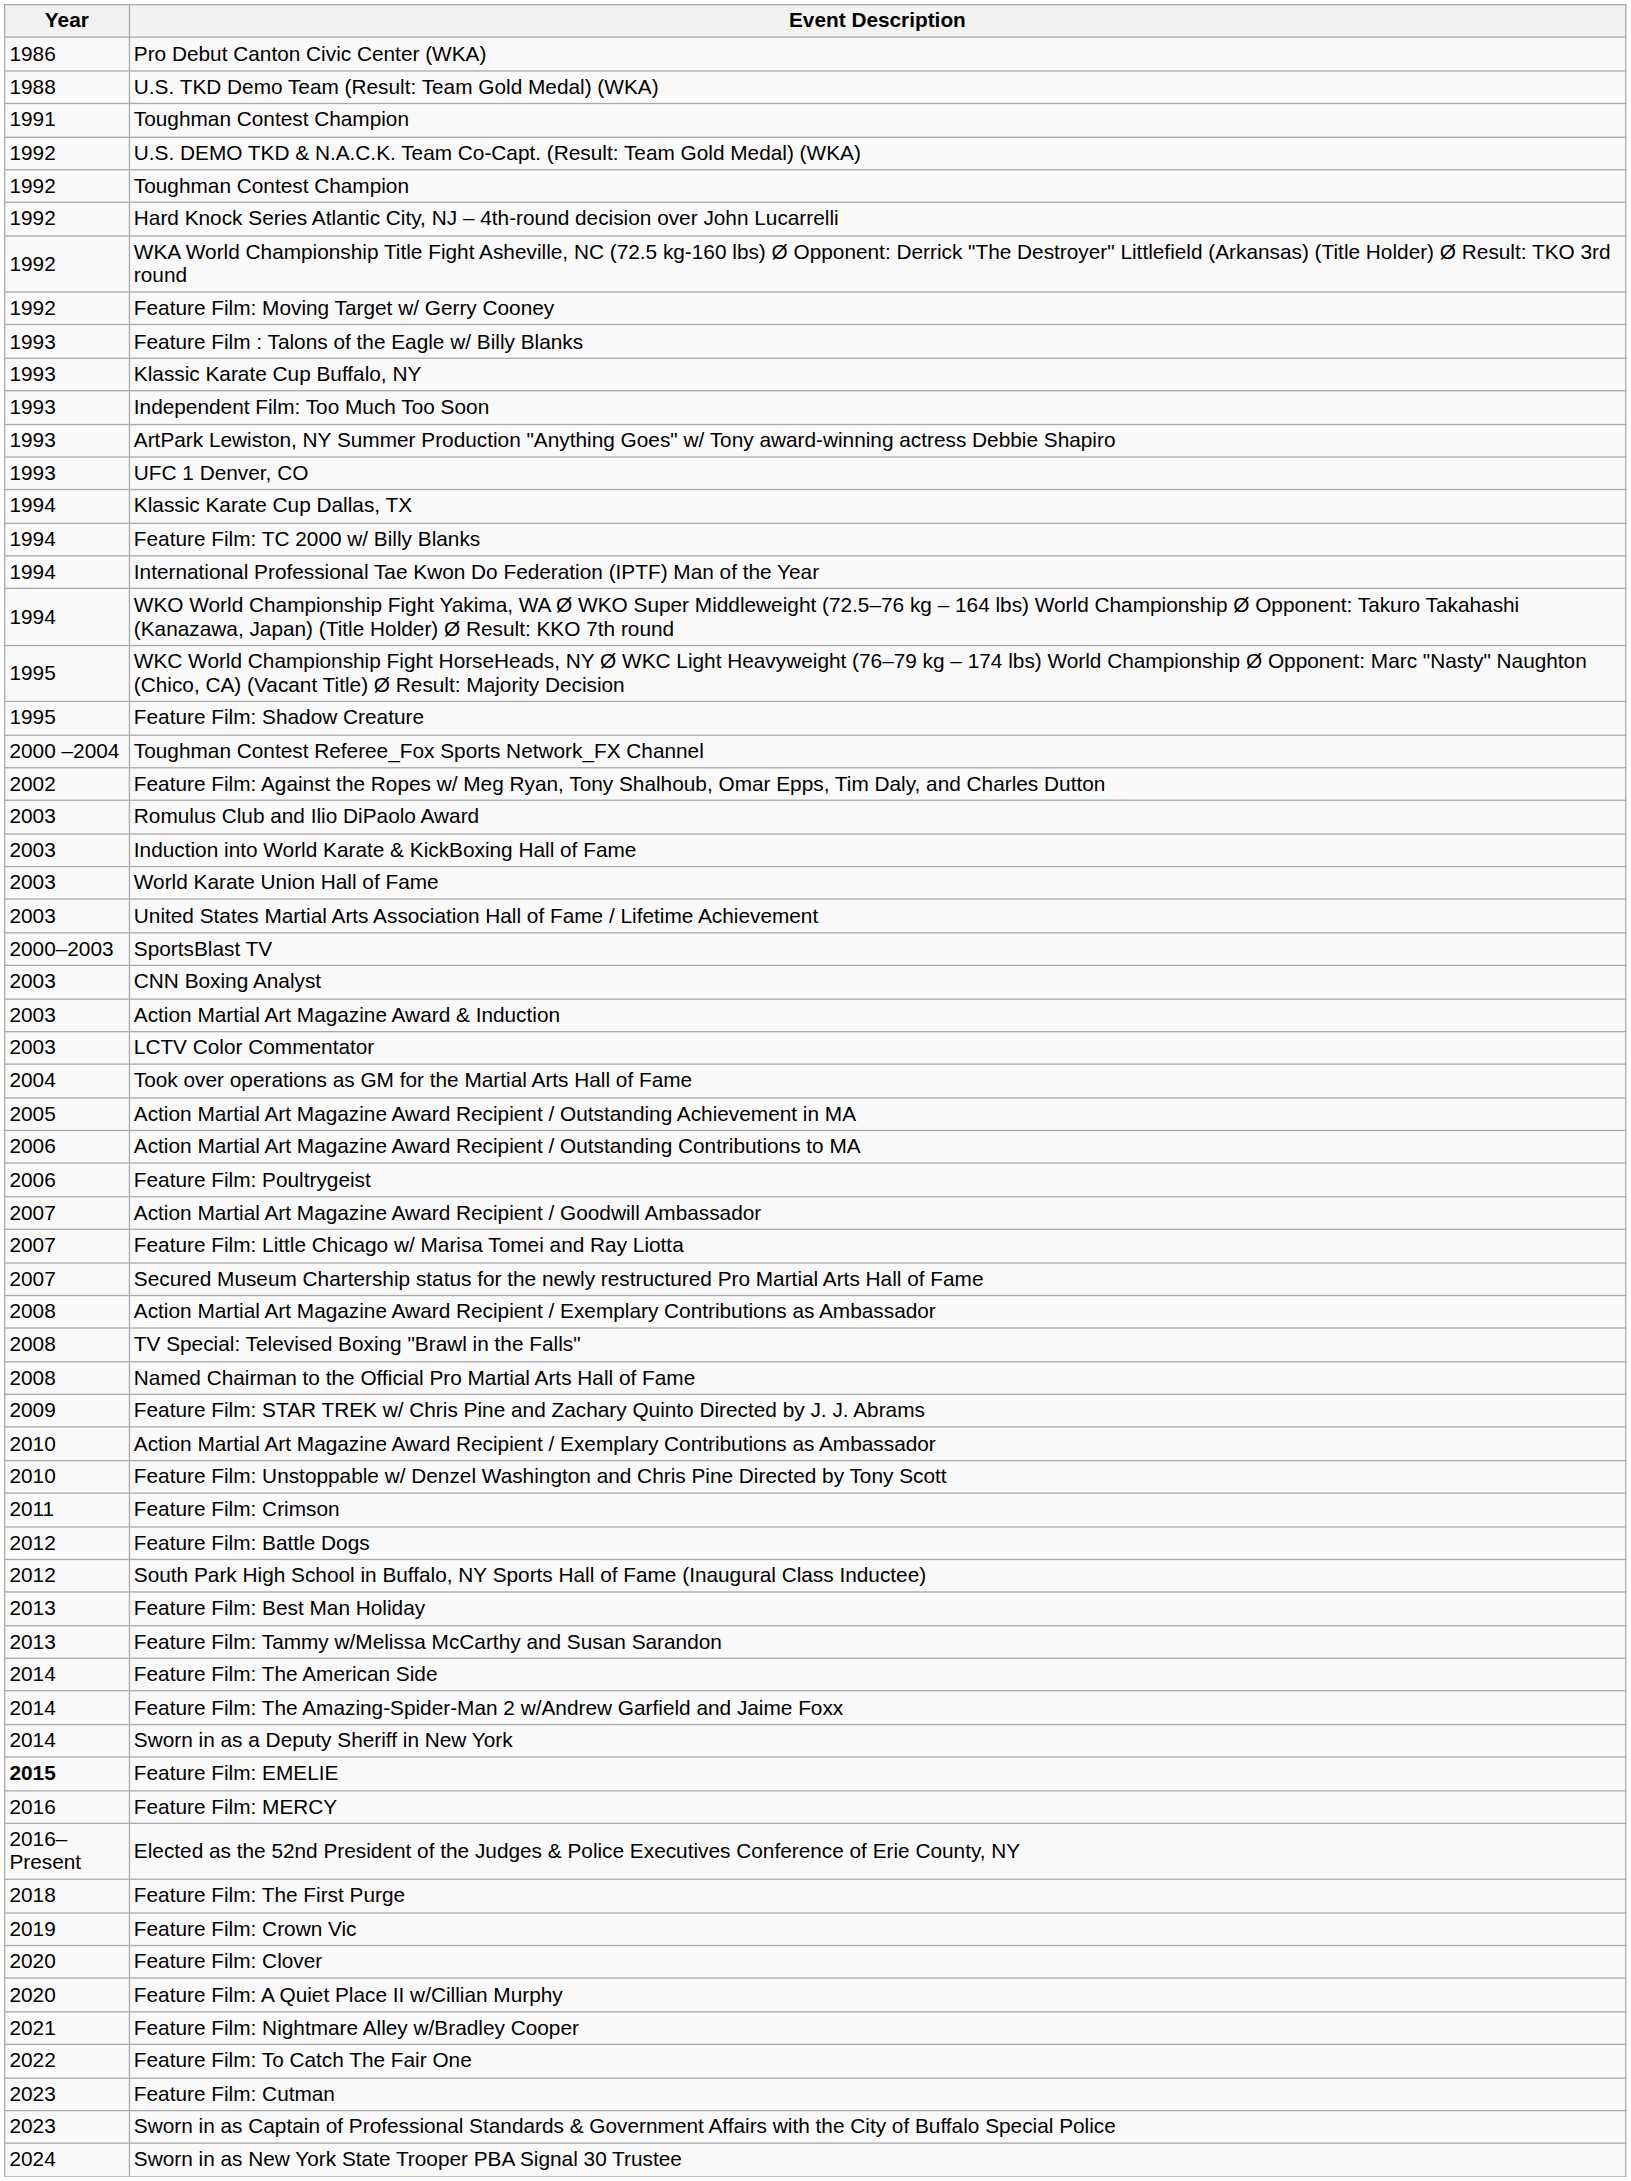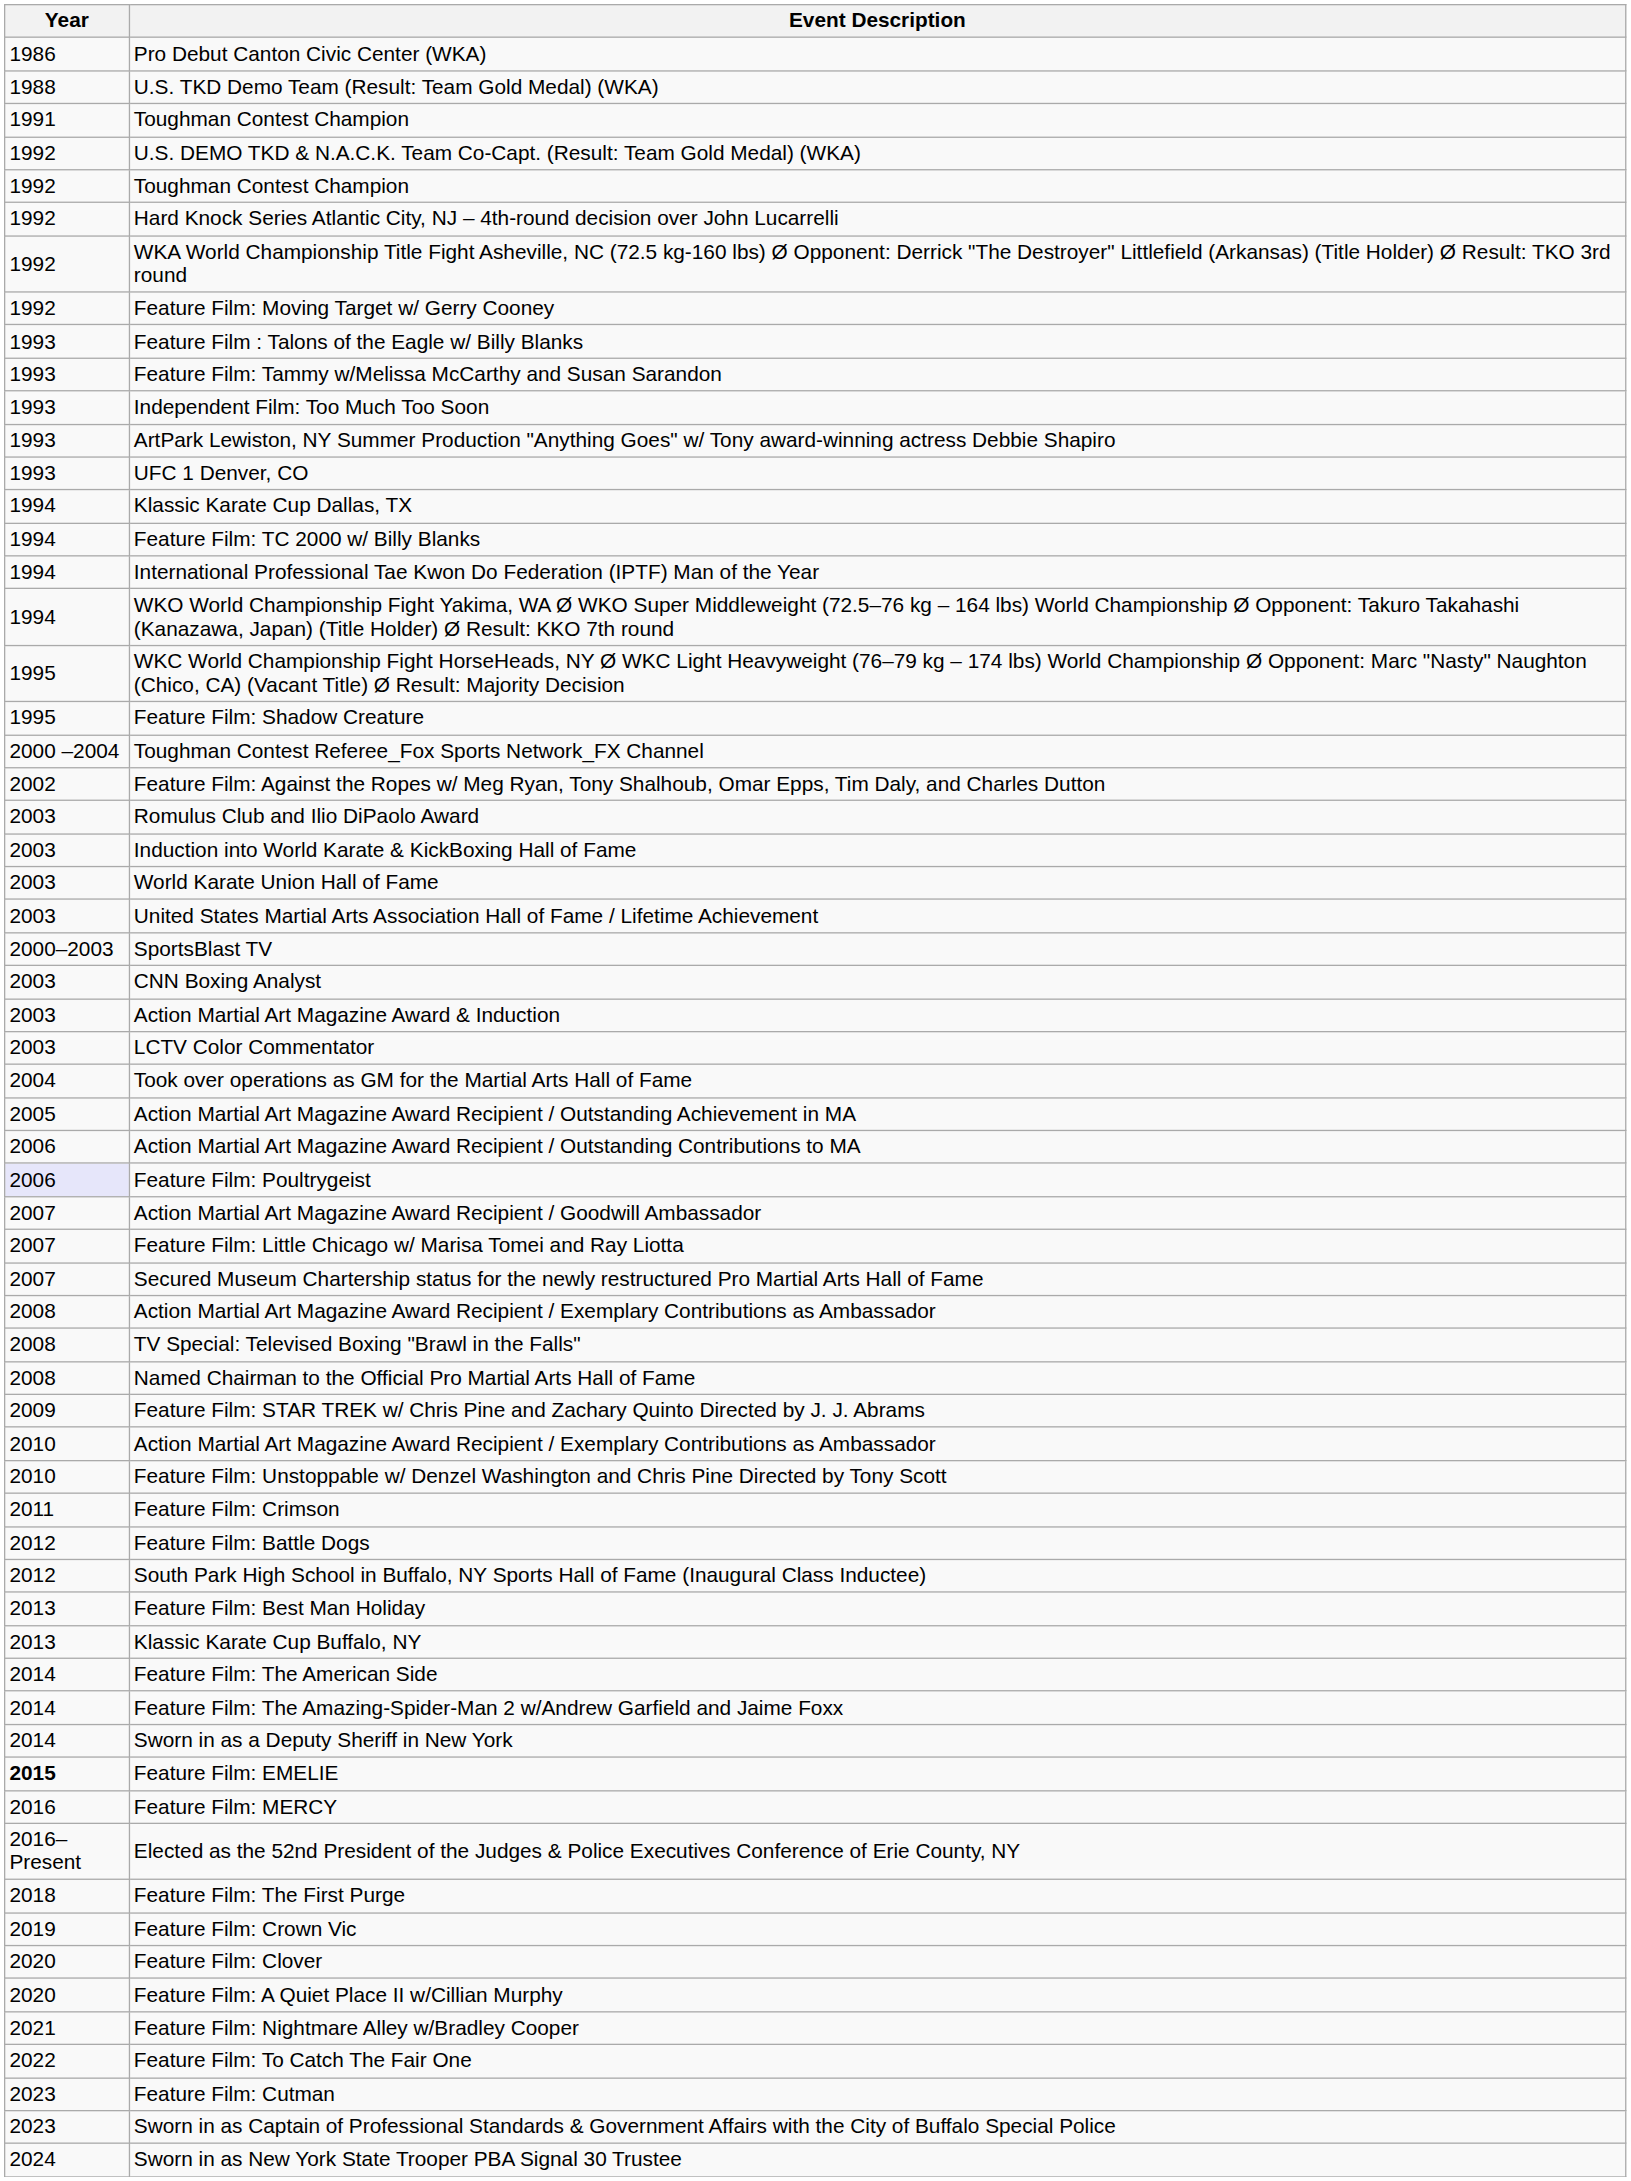 <table class="wikitable">
 <tr>
 <th>Year</th>
 <th>Event Description</th>
 </tr>
 <tr>
 <td>1986</td>
 <td>Pro Debut Canton Civic Center (WKA)</td>
 </tr>
 <tr>
 <td>1988</td>
 <td>U.S. TKD Demo Team (Result: Team Gold Medal) (WKA)</td>
 </tr>
 <tr>
 <td>1991</td>
 <td>Toughman Contest Champion</td>
 </tr>
 <tr>
 <td>1992</td>
 <td>U.S. DEMO TKD & N.A.C.K. Team Co-Capt. (Result: Team Gold Medal) (WKA)</td>
 </tr>
 <tr>
 <td>1992</td>
 <td>Toughman Contest Champion</td>
 </tr>
 <tr>
 <td>1992</td>
 <td>Hard Knock Series Atlantic City, NJ – 4th-round decision over John Lucarrelli</td>
 </tr>
 <tr>
 <td>1992</td>
 <td>WKA World Championship Title Fight Asheville, NC (72.5 kg-160 lbs) Ø Opponent: Derrick "The Destroyer" Littlefield (Arkansas) (Title Holder) Ø Result: TKO 3rd round</td>
 </tr>
 <tr>
 <td>1992</td>
 <td>Feature Film: Moving Target w/ Gerry Cooney</td>
 </tr>
 <tr>
 <td>1993</td>
 <td>Feature Film : Talons of the Eagle w/ Billy Blanks</td>
 </tr>
 <tr>
 <td>1993</td>
-<td>Klassic Karate Cup Buffalo, NY</td>
+<td>Feature Film:  Tammy  w/Melissa McCarthy and Susan Sarandon</td>
 </tr>
 <tr>
 <td>1993</td>
 <td>Independent Film: Too Much Too Soon</td>
 </tr>
 <tr>
 <td>1993</td>
 <td>ArtPark Lewiston, NY Summer Production "Anything Goes" w/ Tony award-winning actress Debbie Shapiro</td>
 </tr>
 <tr>
 <td>1993</td>
 <td>UFC 1 Denver, CO</td>
 </tr>
 <tr>
 <td>1994</td>
 <td>Klassic Karate Cup Dallas, TX</td>
 </tr>
 <tr>
 <td>1994</td>
 <td>Feature Film: TC 2000 w/ Billy Blanks</td>
 </tr>
 <tr>
 <td>1994</td>
 <td>International Professional Tae Kwon Do Federation (IPTF) Man of the Year</td>
 </tr>
 <tr>
 <td>1994</td>
 <td>WKO World Championship Fight Yakima, WA Ø WKO Super Middleweight (72.5–76 kg – 164 lbs) World Championship Ø Opponent: Takuro Takahashi (Kanazawa, Japan) (Title Holder) Ø Result: KKO 7th round</td>
 </tr>
 <tr>
 <td>1995</td>
 <td>WKC World Championship Fight HorseHeads, NY Ø WKC Light Heavyweight (76–79 kg – 174 lbs) World Championship Ø Opponent: Marc "Nasty" Naughton (Chico, CA) (Vacant Title) Ø Result: Majority Decision</td>
 </tr>
 <tr>
 <td>1995</td>
 <td>Feature Film: Shadow Creature</td>
 </tr>
 <tr>
 <td>2000 –2004</td>
 <td>Toughman Contest Referee_Fox Sports Network_FX Channel</td>
 </tr>
 <tr>
 <td>2002</td>
 <td>Feature Film: Against the Ropes w/ Meg Ryan, Tony Shalhoub, Omar Epps, Tim Daly, and Charles Dutton</td>
 </tr>
 <tr>
 <td>2003</td>
 <td>Romulus Club and Ilio DiPaolo Award</td>
 </tr>
 <tr>
 <td>2003</td>
 <td>Induction into World Karate & KickBoxing Hall of Fame</td>
 </tr>
 <tr>
 <td>2003</td>
 <td>World Karate Union Hall of Fame</td>
 </tr>
 <tr>
 <td>2003</td>
 <td>United States Martial Arts Association Hall of Fame / Lifetime Achievement</td>
 </tr>
 <tr>
 <td>2000–2003</td>
 <td>SportsBlast TV</td>
 </tr>
 <tr>
 <td>2003</td>
 <td>CNN Boxing Analyst</td>
 </tr>
 <tr>
 <td>2003</td>
 <td>Action Martial Art Magazine Award & Induction</td>
 </tr>
 <tr>
 <td>2003</td>
 <td>LCTV Color Commentator</td>
 </tr>
 <tr>
 <td>2004</td>
 <td>Took over operations as GM for the Martial Arts Hall of Fame</td>
 </tr>
 <tr>
 <td>2005</td>
 <td>Action Martial Art Magazine Award Recipient / Outstanding Achievement in MA</td>
 </tr>
 <tr>
 <td>2006</td>
 <td>Action Martial Art Magazine Award Recipient / Outstanding Contributions to MA</td>
 </tr>
 <tr>
-<td>2006</td>
+<td style="background: lavender;">2006</td>
 <td>Feature Film: Poultrygeist</td>
 </tr>
 <tr>
 <td>2007</td>
 <td>Action Martial Art Magazine Award Recipient / Goodwill Ambassador</td>
 </tr>
 <tr>
 <td>2007</td>
 <td>Feature Film: Little Chicago w/ Marisa Tomei and Ray Liotta</td>
 </tr>
 <tr>
 <td>2007</td>
 <td>Secured Museum Chartership status for the newly restructured Pro Martial Arts Hall of Fame</td>
 </tr>
 <tr>
 <td>2008</td>
 <td>Action Martial Art Magazine Award Recipient / Exemplary Contributions as Ambassador</td>
 </tr>
 <tr>
 <td>2008</td>
 <td>TV Special: Televised Boxing "Brawl in the Falls"</td>
 </tr>
 <tr>
 <td>2008</td>
 <td>Named Chairman to the Official Pro Martial Arts Hall of Fame</td>
 </tr>
 <tr>
 <td>2009</td>
 <td>Feature Film: STAR TREK  w/ Chris Pine and Zachary Quinto Directed by J. J. Abrams</td>
 </tr>
 <tr>
 <td>2010</td>
 <td>Action Martial Art Magazine Award Recipient / Exemplary Contributions as Ambassador</td>
 </tr>
 <tr>
 <td>2010</td>
 <td>Feature Film: Unstoppable w/ Denzel Washington and Chris Pine Directed by Tony Scott</td>
 </tr>
 <tr>
 <td>2011</td>
 <td>Feature Film: Crimson</td>
 </tr>
 <tr>
 <td>2012</td>
 <td>Feature Film:  Battle Dogs</td>
 </tr>
 <tr>
 <td>2012</td>
 <td>South Park High School in Buffalo, NY Sports Hall of Fame (Inaugural Class Inductee)</td>
 </tr>
 <tr>
 <td>2013</td>
 <td>Feature Film: Best Man Holiday</td>
 </tr>
 <tr>
 <td>2013</td>
-<td>Feature Film:  Tammy  w/Melissa McCarthy and Susan Sarandon</td>
+<td>Klassic Karate Cup Buffalo, NY</td>
 </tr>
 <tr>
 <td>2014</td>
 <td>Feature Film: The American Side</td>
 </tr>
 <tr>
 <td>2014</td>
 <td>Feature Film:  The Amazing-Spider-Man 2 w/Andrew Garfield and Jaime Foxx</td>
 </tr>
 <tr>
 <td>2014</td>
 <td>Sworn in as a Deputy Sheriff in New York</td>
 </tr>
 <tr>
 <td><strong>2015</strong></td>
 <td>Feature Film: EMELIE</td>
 </tr>
 <tr>
 <td>2016</td>
 <td>Feature Film: MERCY</td>
 </tr>
 <tr>
 <td>2016–Present</td>
 <td>Elected as the 52nd President of the Judges & Police Executives Conference of Erie County, NY</td>
 </tr>
 <tr>
 <td>2018</td>
 <td>Feature Film: The First Purge</td>
 </tr>
 <tr>
 <td>2019</td>
 <td>Feature Film: Crown Vic</td>
 </tr>
 <tr>
 <td>2020</td>
 <td>Feature Film: Clover</td>
 </tr>
 <tr>
 <td>2020</td>
 <td>Feature Film: A Quiet Place II  w/Cillian Murphy</td>
 </tr>
 <tr>
 <td>2021</td>
 <td>Feature Film: Nightmare Alley w/Bradley Cooper</td>
 </tr>
 <tr>
 <td>2022</td>
 <td>Feature Film: To Catch The Fair One</td>
 </tr>
 <tr>
 <td>2023</td>
 <td>Feature Film: Cutman</td>
 </tr>
 <tr>
 <td>2023</td>
 <td>Sworn in as Captain of Professional Standards & Government Affairs with the City of Buffalo Special Police</td>
 </tr>
 <tr>
 <td>2024</td>
 <td>Sworn in as New York State Trooper PBA Signal 30 Trustee</td>
 </tr>
 </table>
